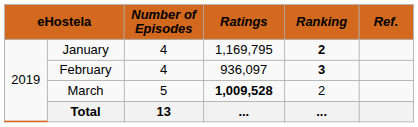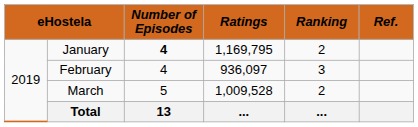 <table class="wikitable" style="text-align:center; width: 40%">
 <tr>
 <th colspan="2" style="background:#D2691E; width:14%"><span> eHostela</span></th>
 <th style="background:#D2691E; width:8%"><span> <em>Number of</em> <br> <em>Episodes</em></span></th>
 <th style="background:#D2691E; width:9%"><span> <em>Ratings</em></span></th>
 <th style="background:#D2691E; width:9%"><span> <em>Ranking</em></span></th>
 <th style="background:#D2691E; width:9%"><span> <em>Ref.</em></span></th>
 </tr>
 <tr>
 <td rowspan="8" style="width:4%; border-bottom: 2px solid #D2691E">2019</td>
 <td style="width:10%">January</td>
-<td>4</td>
+<td><strong>4</strong></td>
 <td>1,169,795</td>
-<td><strong>2</strong></td>
+<td>2</td>
 <td></td>
 </tr>
 <tr>
 <td>February</td>
 <td>4</td>
 <td>936,097</td>
-<td><strong>3</strong></td>
+<td>3</td>
 <td></td>
 </tr>
 <tr>
 <td>March</td>
 <td>5</td>
-<td><strong>1,009,528</strong></td>
+<td>1,009,528</td>
 <td>2</td>
 <td></td>
 </tr>
 <tr>
 <th>Total</th>
 <th>13</th>
 <th>...</th>
 <th>...</th>
 <th></th>
 </tr>
 </table>
